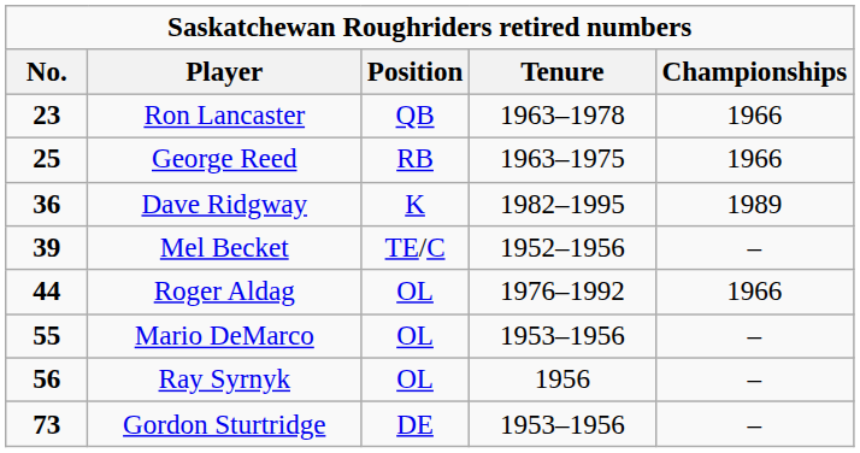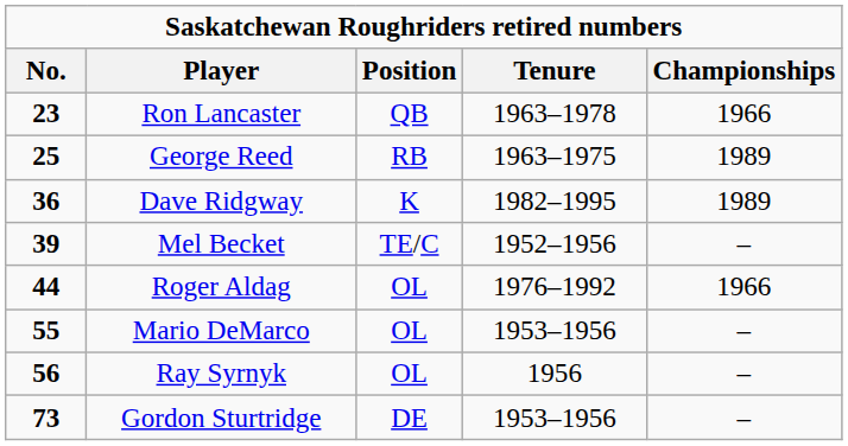 <table class="wikitable sortable" style="text-align:center">
 <tr>
 <td colspan="5"><strong>Saskatchewan Roughriders retired numbers</strong></td>
 </tr>
 <tr>
 <th style="width:40px; ">No.</th>
 <th style="width:150px; ">Player</th>
 <th style="width:40px; ">Position</th>
 <th style="width:100px; ">Tenure</th>
 <th style="width:100px; ">Championships</th>
 </tr>
 <tr>
 <td><strong>23</strong></td>
 <td><a href='#'>Ron Lancaster</a></td>
 <td><a href='#'>QB</a></td>
 <td>1963–1978</td>
 <td>1966</td>
 </tr>
 <tr>
 <td><strong>25</strong></td>
 <td><a href='#'>George Reed</a></td>
 <td><a href='#'>RB</a></td>
 <td>1963–1975</td>
-<td>1966</td>
+<td>1989</td>
 </tr>
 <tr>
 <td><strong>36</strong></td>
 <td><a href='#'>Dave Ridgway</a></td>
 <td><a href='#'>K</a></td>
 <td>1982–1995</td>
 <td>1989</td>
 </tr>
 <tr>
 <td><strong>39</strong></td>
 <td><a href='#'>Mel Becket</a></td>
 <td><a href='#'>TE</a>/<a href='#'>C</a></td>
 <td>1952–1956</td>
 <td>–</td>
 </tr>
 <tr>
 <td><strong>44</strong></td>
 <td><a href='#'>Roger Aldag</a></td>
 <td><a href='#'>OL</a></td>
 <td>1976–1992</td>
 <td>1966</td>
 </tr>
 <tr>
 <td><strong>55</strong></td>
 <td><a href='#'>Mario DeMarco</a></td>
 <td><a href='#'>OL</a></td>
 <td>1953–1956</td>
 <td>–</td>
 </tr>
 <tr>
 <td><strong>56</strong></td>
 <td><a href='#'>Ray Syrnyk</a></td>
 <td><a href='#'>OL</a></td>
 <td>1956</td>
 <td>–</td>
 </tr>
 <tr>
 <td><strong>73</strong></td>
 <td><a href='#'>Gordon Sturtridge</a></td>
 <td><a href='#'>DE</a></td>
 <td>1953–1956</td>
 <td>–</td>
 </tr>
 </table>
